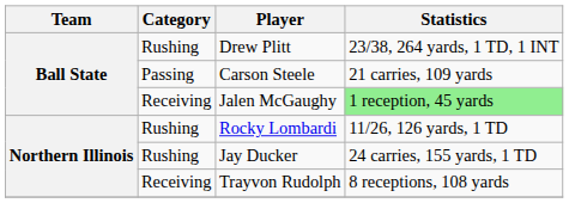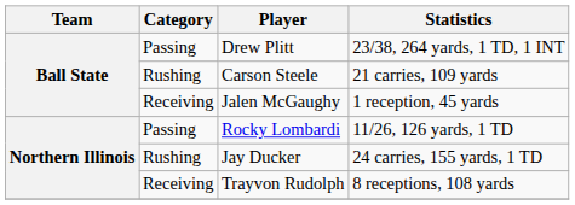 <table class="wikitable" style="float: left;">
 <tr>
 <th>Team</th>
 <th>Category</th>
 <th>Player</th>
 <th>Statistics</th>
 </tr>
 <tr>
 <th rowspan=3>Ball State</th>
-<td>Rushing</td>
+<td>Passing</td>
 <td>Drew Plitt</td>
 <td>23/38, 264 yards, 1 TD, 1 INT</td>
 </tr>
 <tr>
-<td>Passing</td>
+<td>Rushing</td>
 <td>Carson Steele</td>
 <td>21 carries, 109 yards</td>
 </tr>
 <tr>
 <td>Receiving</td>
 <td>Jalen McGaughy</td>
-<td style="background: lightgreen;">1 reception, 45 yards</td>
+<td>1 reception, 45 yards</td>
 </tr>
 <tr>
 <th rowspan=3 style=>Northern Illinois</th>
-<td>Rushing</td>
+<td>Passing</td>
 <td><a href='#'>Rocky Lombardi</a></td>
 <td>11/26, 126 yards, 1 TD</td>
 </tr>
 <tr>
 <td>Rushing</td>
 <td>Jay Ducker</td>
 <td>24 carries, 155 yards, 1 TD</td>
 </tr>
 <tr>
 <td>Receiving</td>
 <td>Trayvon Rudolph</td>
 <td>8 receptions, 108 yards</td>
 </tr>
 <tr>
 </tr>
 </table>
